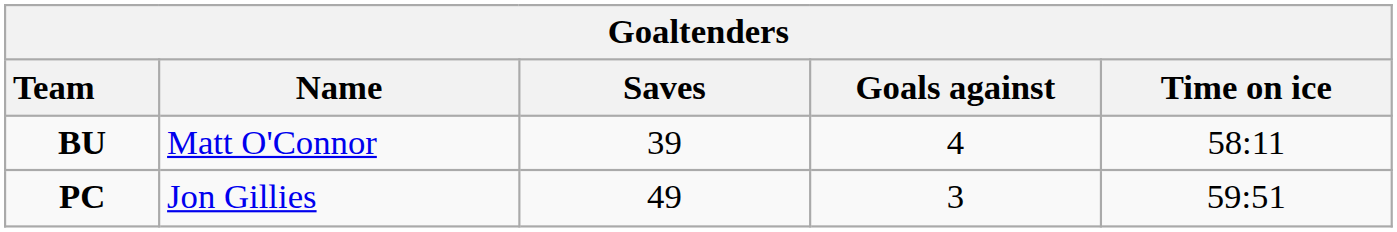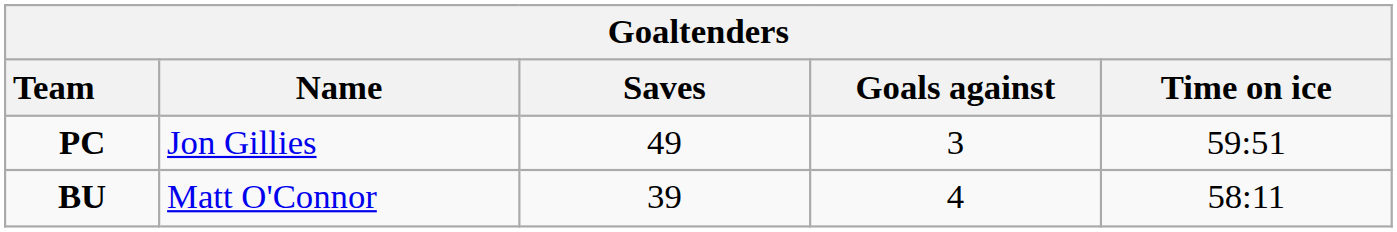 <table class="wikitable" style="width:40em; text-align:right;">
 <tr>
 <th colspan=5>Goaltenders</th>
 </tr>
 <tr>
 <th style="width:4em; text-align:left;">Team</th>
 <th style="width:10em;">Name</th>
 <th style="width:8em;">Saves</th>
 <th style="width:8em;">Goals against</th>
 <th style="width:8em;">Time on ice</th>
 </tr>
 <tr>
+<td align=center><strong>PC</strong></td>
+<td style="text-align:left;"><a href='#'>Jon Gillies</a></td>
+<td align=center>49</td>
+<td align=center>3</td>
+<td align=center>59:51</td>
+</tr>
+<tr>
 <td align=center><strong>BU</strong></td>
 <td style="text-align:left;"><a href='#'>Matt O'Connor</a></td>
 <td align=center>39</td>
 <td align=center>4</td>
 <td align=center>58:11</td>
 </tr>
-<tr>
-<td align=center><strong>PC</strong></td>
-<td style="text-align:left;"><a href='#'>Jon Gillies</a></td>
-<td align=center>49</td>
-<td align=center>3</td>
-<td align=center>59:51</td>
-</tr>
 </table>
